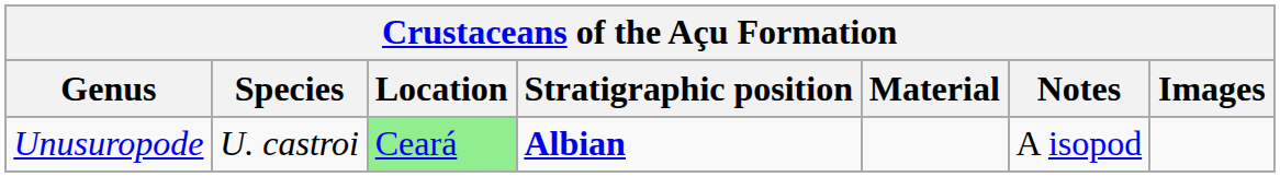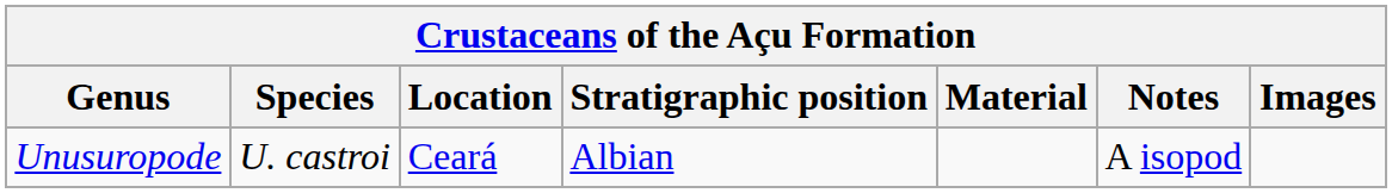 <table class="wikitable" align="center">
 <tr>
 <th colspan="7" align="center"><a href='#'>Crustaceans</a> of the Açu Formation</th>
 </tr>
 <tr>
 <th>Genus</th>
 <th>Species</th>
 <th>Location</th>
 <th>Stratigraphic position</th>
 <th>Material</th>
 <th>Notes</th>
 <th>Images</th>
 </tr>
 <tr>
 <td><em><a href='#'>Unusuropode</a></em></td>
 <td><em>U. castroi</em></td>
-<td style="background: lightgreen;"><a href='#'>Ceará</a></td>
-<td><strong><a href='#'>Albian</a></strong></td>
+<td><a href='#'>Ceará</a></td>
+<td><a href='#'>Albian</a></td>
 <td></td>
 <td>A <a href='#'>isopod</a></td>
 <td></td>
 </tr>
 <tr>
 </tr>
 </table>
